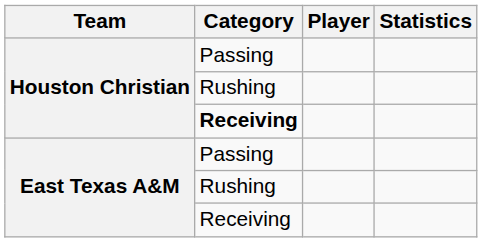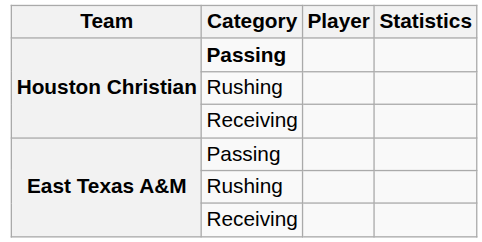 <table class="wikitable" style="float:right">
 <tr>
 <th>Team</th>
 <th>Category</th>
 <th>Player</th>
 <th>Statistics</th>
 </tr>
 <tr>
 <th rowspan=3>Houston Christian</th>
-<td>Passing</td>
+<td><strong>Passing</strong></td>
 <td></td>
 <td></td>
 </tr>
 <tr>
 <td>Rushing</td>
 <td></td>
 <td></td>
 </tr>
 <tr>
-<td><strong>Receiving</strong></td>
+<td>Receiving</td>
 <td></td>
 <td></td>
 </tr>
 <tr>
 <th rowspan=3>East Texas A&M</th>
 <td>Passing</td>
 <td></td>
 <td></td>
 </tr>
 <tr>
 <td>Rushing</td>
 <td></td>
 <td></td>
 </tr>
 <tr>
 <td>Receiving</td>
 <td></td>
 <td></td>
 </tr>
 </table>
